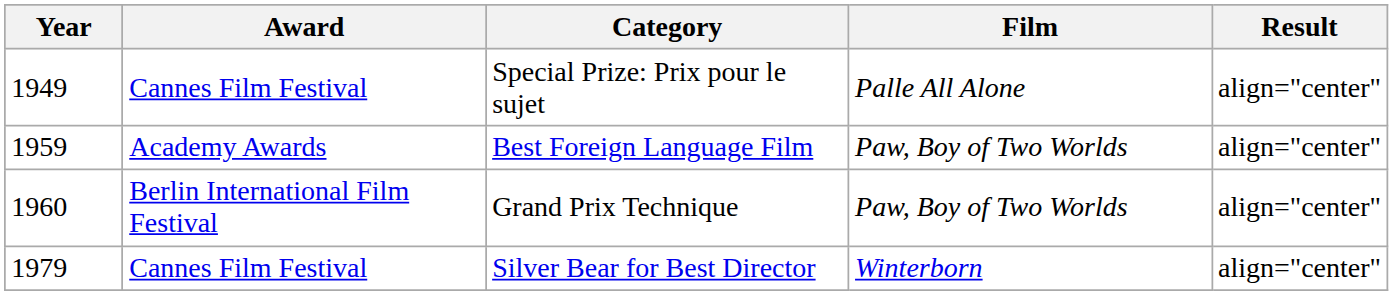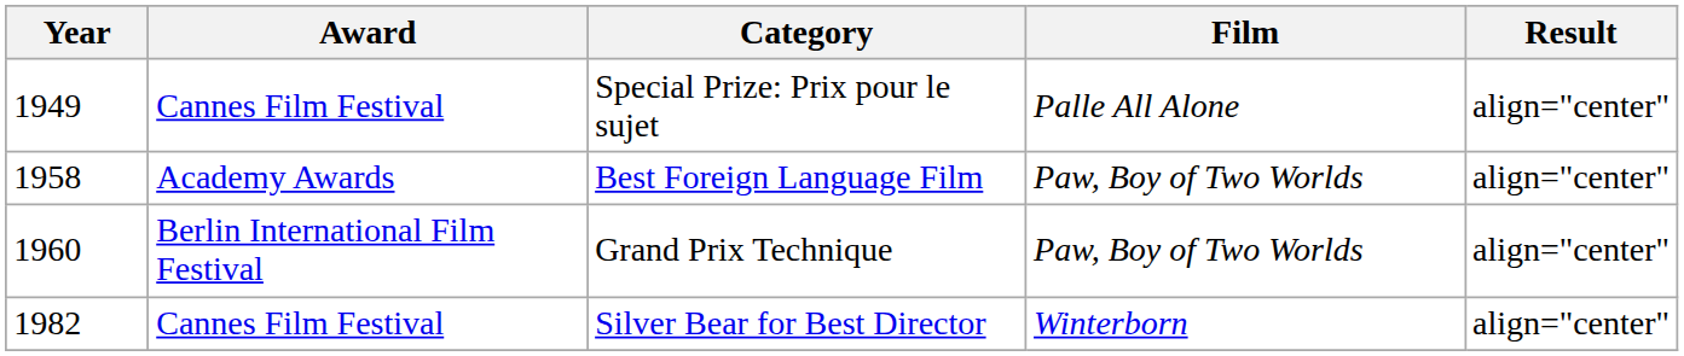 <table class="wikitable" style="background:white">
 <tr>
 <th style="width: 60px;">Year</th>
 <th style="width: 200px;">Award</th>
 <th style="width: 200px;">Category</th>
 <th style="width:200px;">Film</th>
 <th style="width: 60px;">Result</th>
 </tr>
 <tr>
 <td>1949</td>
 <td><a href='#'>Cannes Film Festival</a></td>
 <td>Special Prize: Prix pour le sujet</td>
 <td><em>Palle All Alone</em></td>
 <td>align="center" </td>
 </tr>
 <tr>
-<td>1959</td>
+<td>1958</td>
 <td><a href='#'>Academy Awards</a></td>
 <td><a href='#'>Best Foreign Language Film</a></td>
 <td><em>Paw, Boy of Two Worlds</em></td>
 <td>align="center" </td>
 </tr>
 <tr>
 <td>1960</td>
 <td><a href='#'>Berlin International Film Festival</a></td>
 <td>Grand Prix Technique</td>
 <td><em>Paw, Boy of Two Worlds</em></td>
 <td>align="center" </td>
 </tr>
 <tr>
-<td>1979</td>
+<td>1982</td>
 <td><a href='#'>Cannes Film Festival</a></td>
 <td><a href='#'>Silver Bear for Best Director</a></td>
 <td><em><a href='#'>Winterborn</a></em></td>
 <td>align="center" </td>
 </tr>
 </table>
